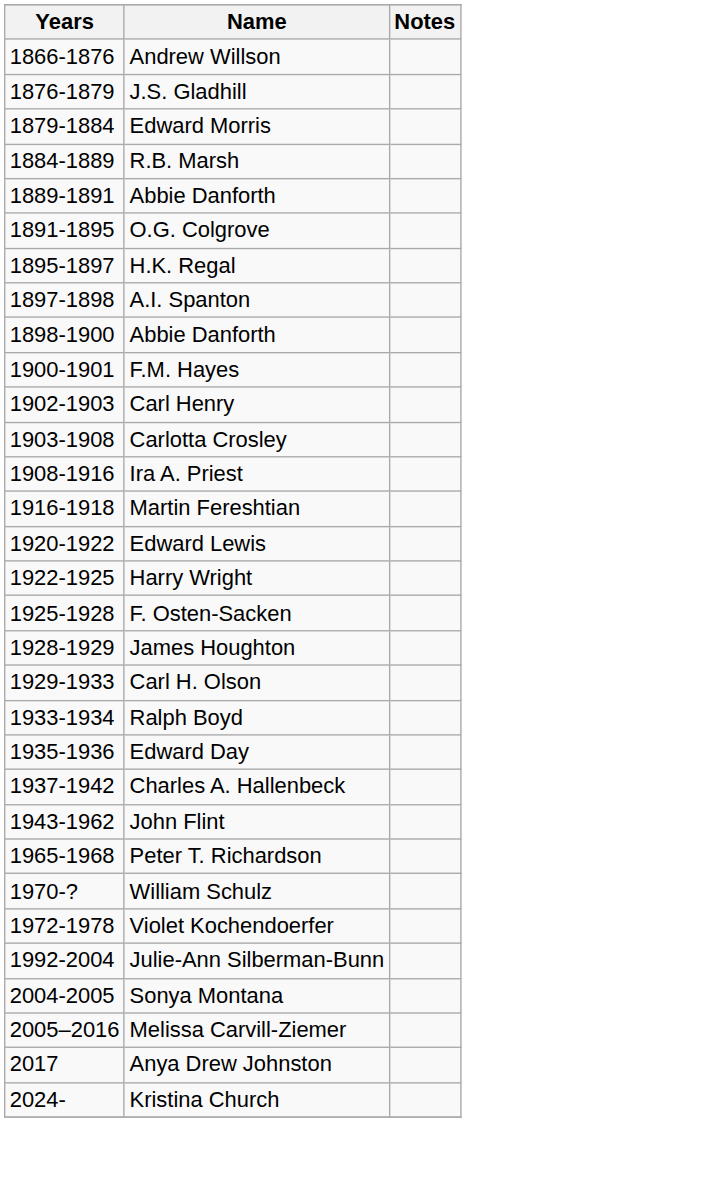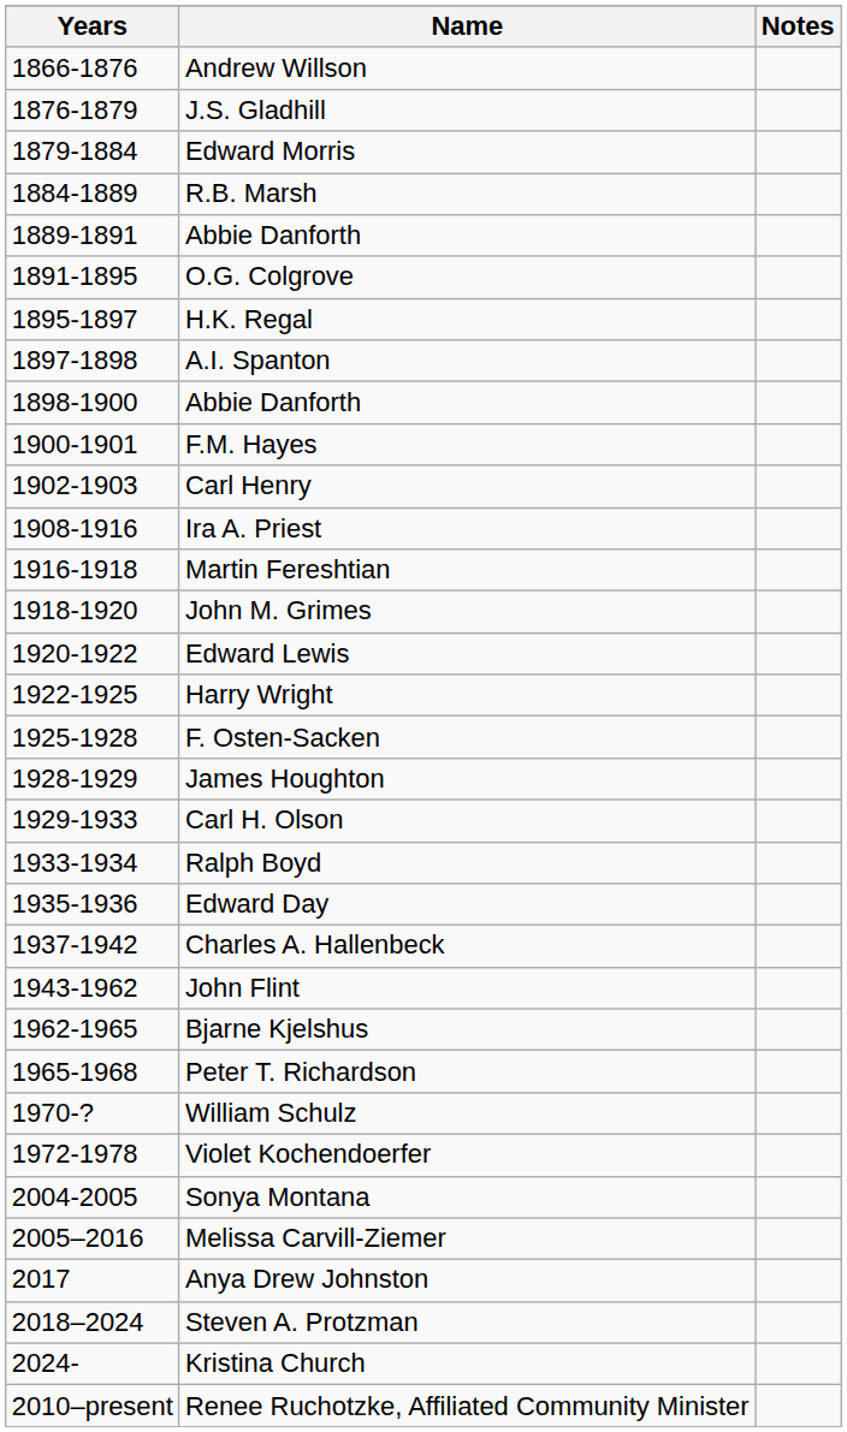 <table class="wikitable sortable">
 <tr>
 </tr>
 <tr>
 <th>Years</th>
 <th>Name</th>
 <th>Notes</th>
 </tr>
 <tr>
 <td align="left">1866-1876</td>
 <td align="left">Andrew Willson</td>
 <td align="left"></td>
 </tr>
 <tr |->
 <td align="left">1876-1879</td>
 <td align="left">J.S. Gladhill</td>
 <td align="left"></td>
 </tr>
 <tr>
 <td align="left">1879-1884</td>
 <td align="left">Edward Morris</td>
 <td align="left"></td>
 </tr>
 <tr>
 <td align="left">1884-1889</td>
 <td align="left">R.B. Marsh</td>
 <td align="left"></td>
 </tr>
 <tr>
 <td align="left">1889-1891</td>
 <td align="left">Abbie Danforth</td>
 <td align="left"></td>
 </tr>
 <tr>
 <td align="left">1891-1895</td>
 <td align="left">O.G. Colgrove</td>
 <td align="left"></td>
 </tr>
 <tr>
 <td align="left">1895-1897</td>
 <td align="left">H.K. Regal</td>
 <td align="left"></td>
 </tr>
 <tr>
 <td align="left">1897-1898</td>
 <td align="left">A.I. Spanton</td>
 <td align="left"></td>
 </tr>
 <tr>
 <td align="left">1898-1900</td>
 <td align="left">Abbie Danforth</td>
 <td align="left"></td>
 </tr>
 <tr>
 <td align="left">1900-1901</td>
 <td align="left">F.M. Hayes</td>
 <td align="left"></td>
 </tr>
 <tr>
 <td align="left">1902-1903</td>
 <td align="left">Carl Henry</td>
 <td align="left"></td>
 </tr>
 <tr>
-<td align="left">1903-1908</td>
-<td align="left">Carlotta Crosley</td>
-<td align="left"></td>
-</tr>
-<tr>
 <td align="left">1908-1916</td>
 <td align="left">Ira A. Priest</td>
 <td align="left"></td>
 </tr>
 <tr>
 <td align="left">1916-1918</td>
 <td align="left">Martin Fereshtian</td>
+<td align="left"></td>
+</tr>
+<tr>
+<td align="left">1918-1920</td>
+<td align="left">John M. Grimes</td>
 <td align="left"></td>
 </tr>
 <tr>
 <td align="left">1920-1922</td>
 <td align="left">Edward Lewis</td>
 <td align="left"></td>
 </tr>
 <tr>
 <td align="left">1922-1925</td>
 <td align="left">Harry Wright</td>
 <td align="left"></td>
 </tr>
 <tr>
 <td align="left">1925-1928</td>
 <td align="left">F. Osten-Sacken</td>
 <td align="left"></td>
 </tr>
 <tr>
 <td align="left">1928-1929</td>
 <td align="left">James Houghton</td>
 <td align="left"></td>
 </tr>
 <tr>
 <td align="left">1929-1933</td>
 <td align="left">Carl H. Olson</td>
 <td align="left"></td>
 </tr>
 <tr>
 <td align="left">1933-1934</td>
 <td align="left">Ralph Boyd</td>
 <td align="left"></td>
 </tr>
 <tr>
 <td align="left">1935-1936</td>
 <td align="left">Edward Day</td>
 <td align="left"></td>
 </tr>
 <tr>
 <td align="left">1937-1942</td>
 <td align="left">Charles A. Hallenbeck</td>
 <td align="left"></td>
 </tr>
 <tr>
 <td align="left">1943-1962</td>
 <td align="left">John Flint</td>
 <td align="left"></td>
 </tr>
 <tr>
+<td align="left">1962-1965</td>
+<td align="left">Bjarne Kjelshus</td>
+<td align="left"></td>
+</tr>
+<tr>
 <td align="left">1965-1968</td>
 <td align="left">Peter T. Richardson</td>
 <td align="left"></td>
 </tr>
 <tr>
 <td align="left">1970-?</td>
 <td align="left">William Schulz</td>
 <td align="left"></td>
 </tr>
 <tr>
 <td align="left">1972-1978</td>
 <td align="left">Violet Kochendoerfer</td>
-<td align="left"></td>
-</tr>
-<tr>
-<td align="left">1992-2004</td>
-<td align="left">Julie-Ann Silberman-Bunn</td>
 <td align="left"></td>
 </tr>
 <tr>
 <td align="left">2004-2005</td>
 <td align="left">Sonya Montana</td>
 <td align="left"></td>
 </tr>
 <tr>
 <td align="left">2005–2016</td>
 <td align="left">Melissa Carvill-Ziemer</td>
 <td align="left"></td>
 </tr>
 <tr>
 <td align="left">2017</td>
 <td align="left">Anya Drew Johnston</td>
 <td align="left"></td>
 </tr>
 <tr>
+<td align="left">2018–2024</td>
+<td align="left">Steven A. Protzman</td>
+<td align="left"></td>
+</tr>
+<tr>
 <td align=“left”>2024-</td>
 <td align=“left”>Kristina Church</td>
 <td align=“left”></td>
 </tr>
 <tr>
+<td>2010–present</td>
+<td>Renee Ruchotzke, Affiliated Community Minister</td>
+<td></td>
+</tr>
+<tr>
 </tr>
 </table>
